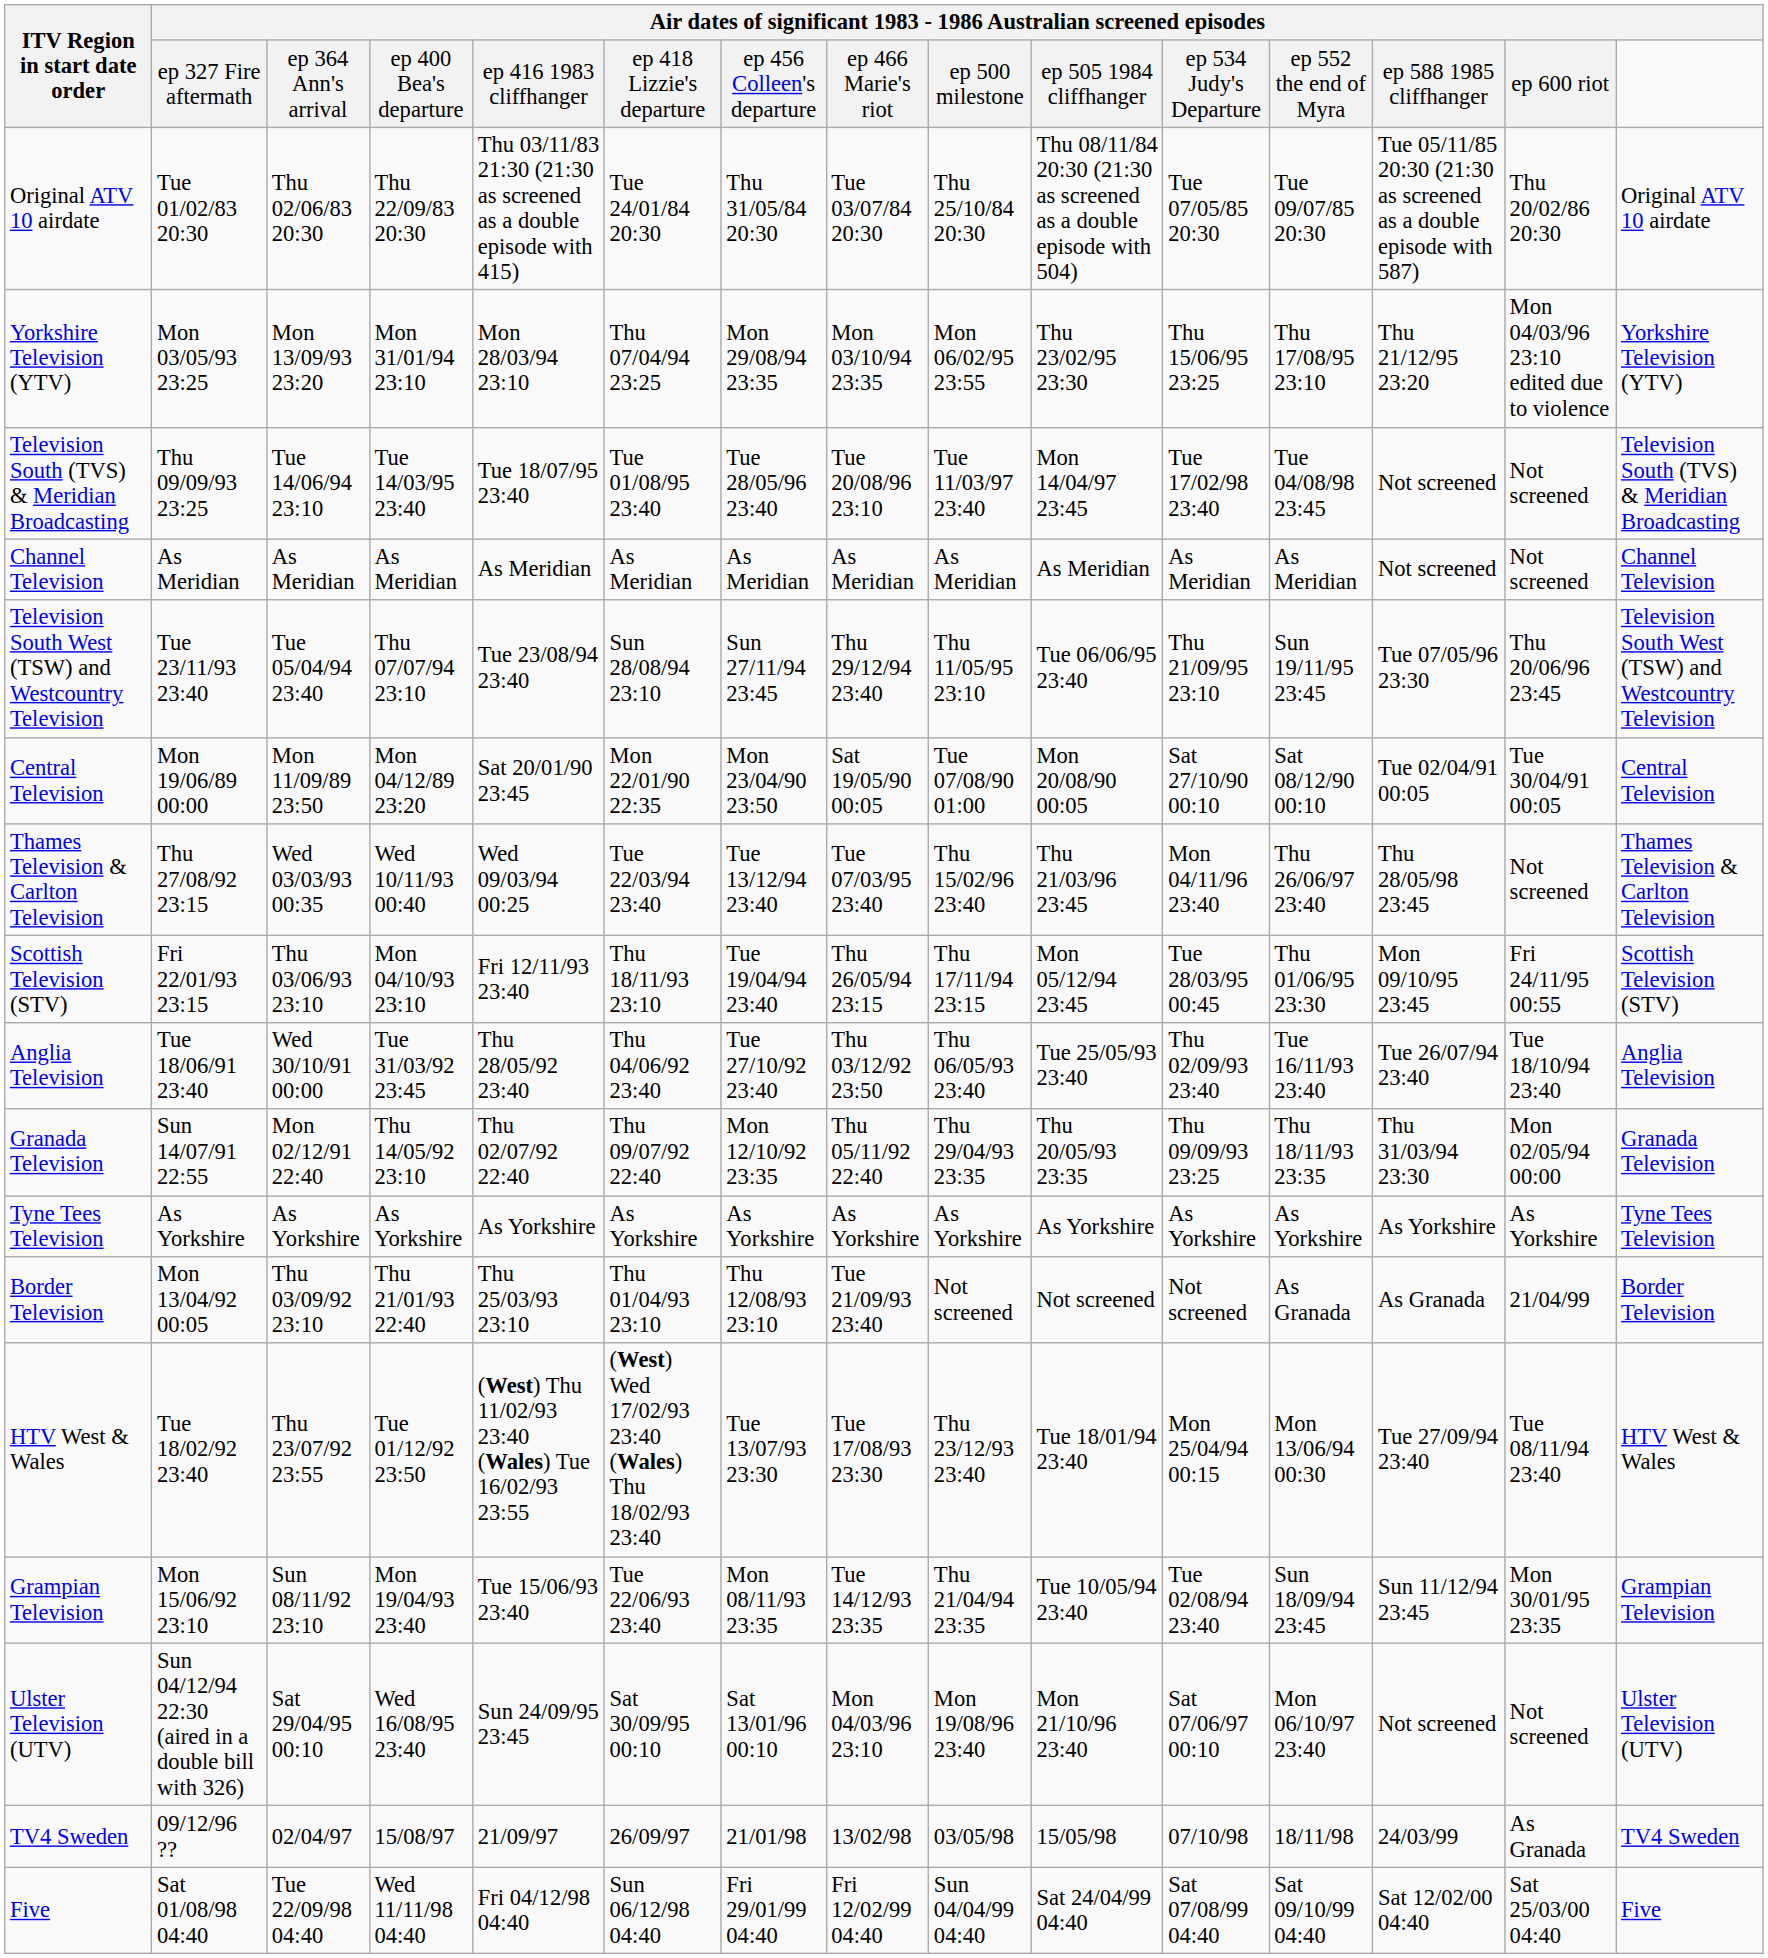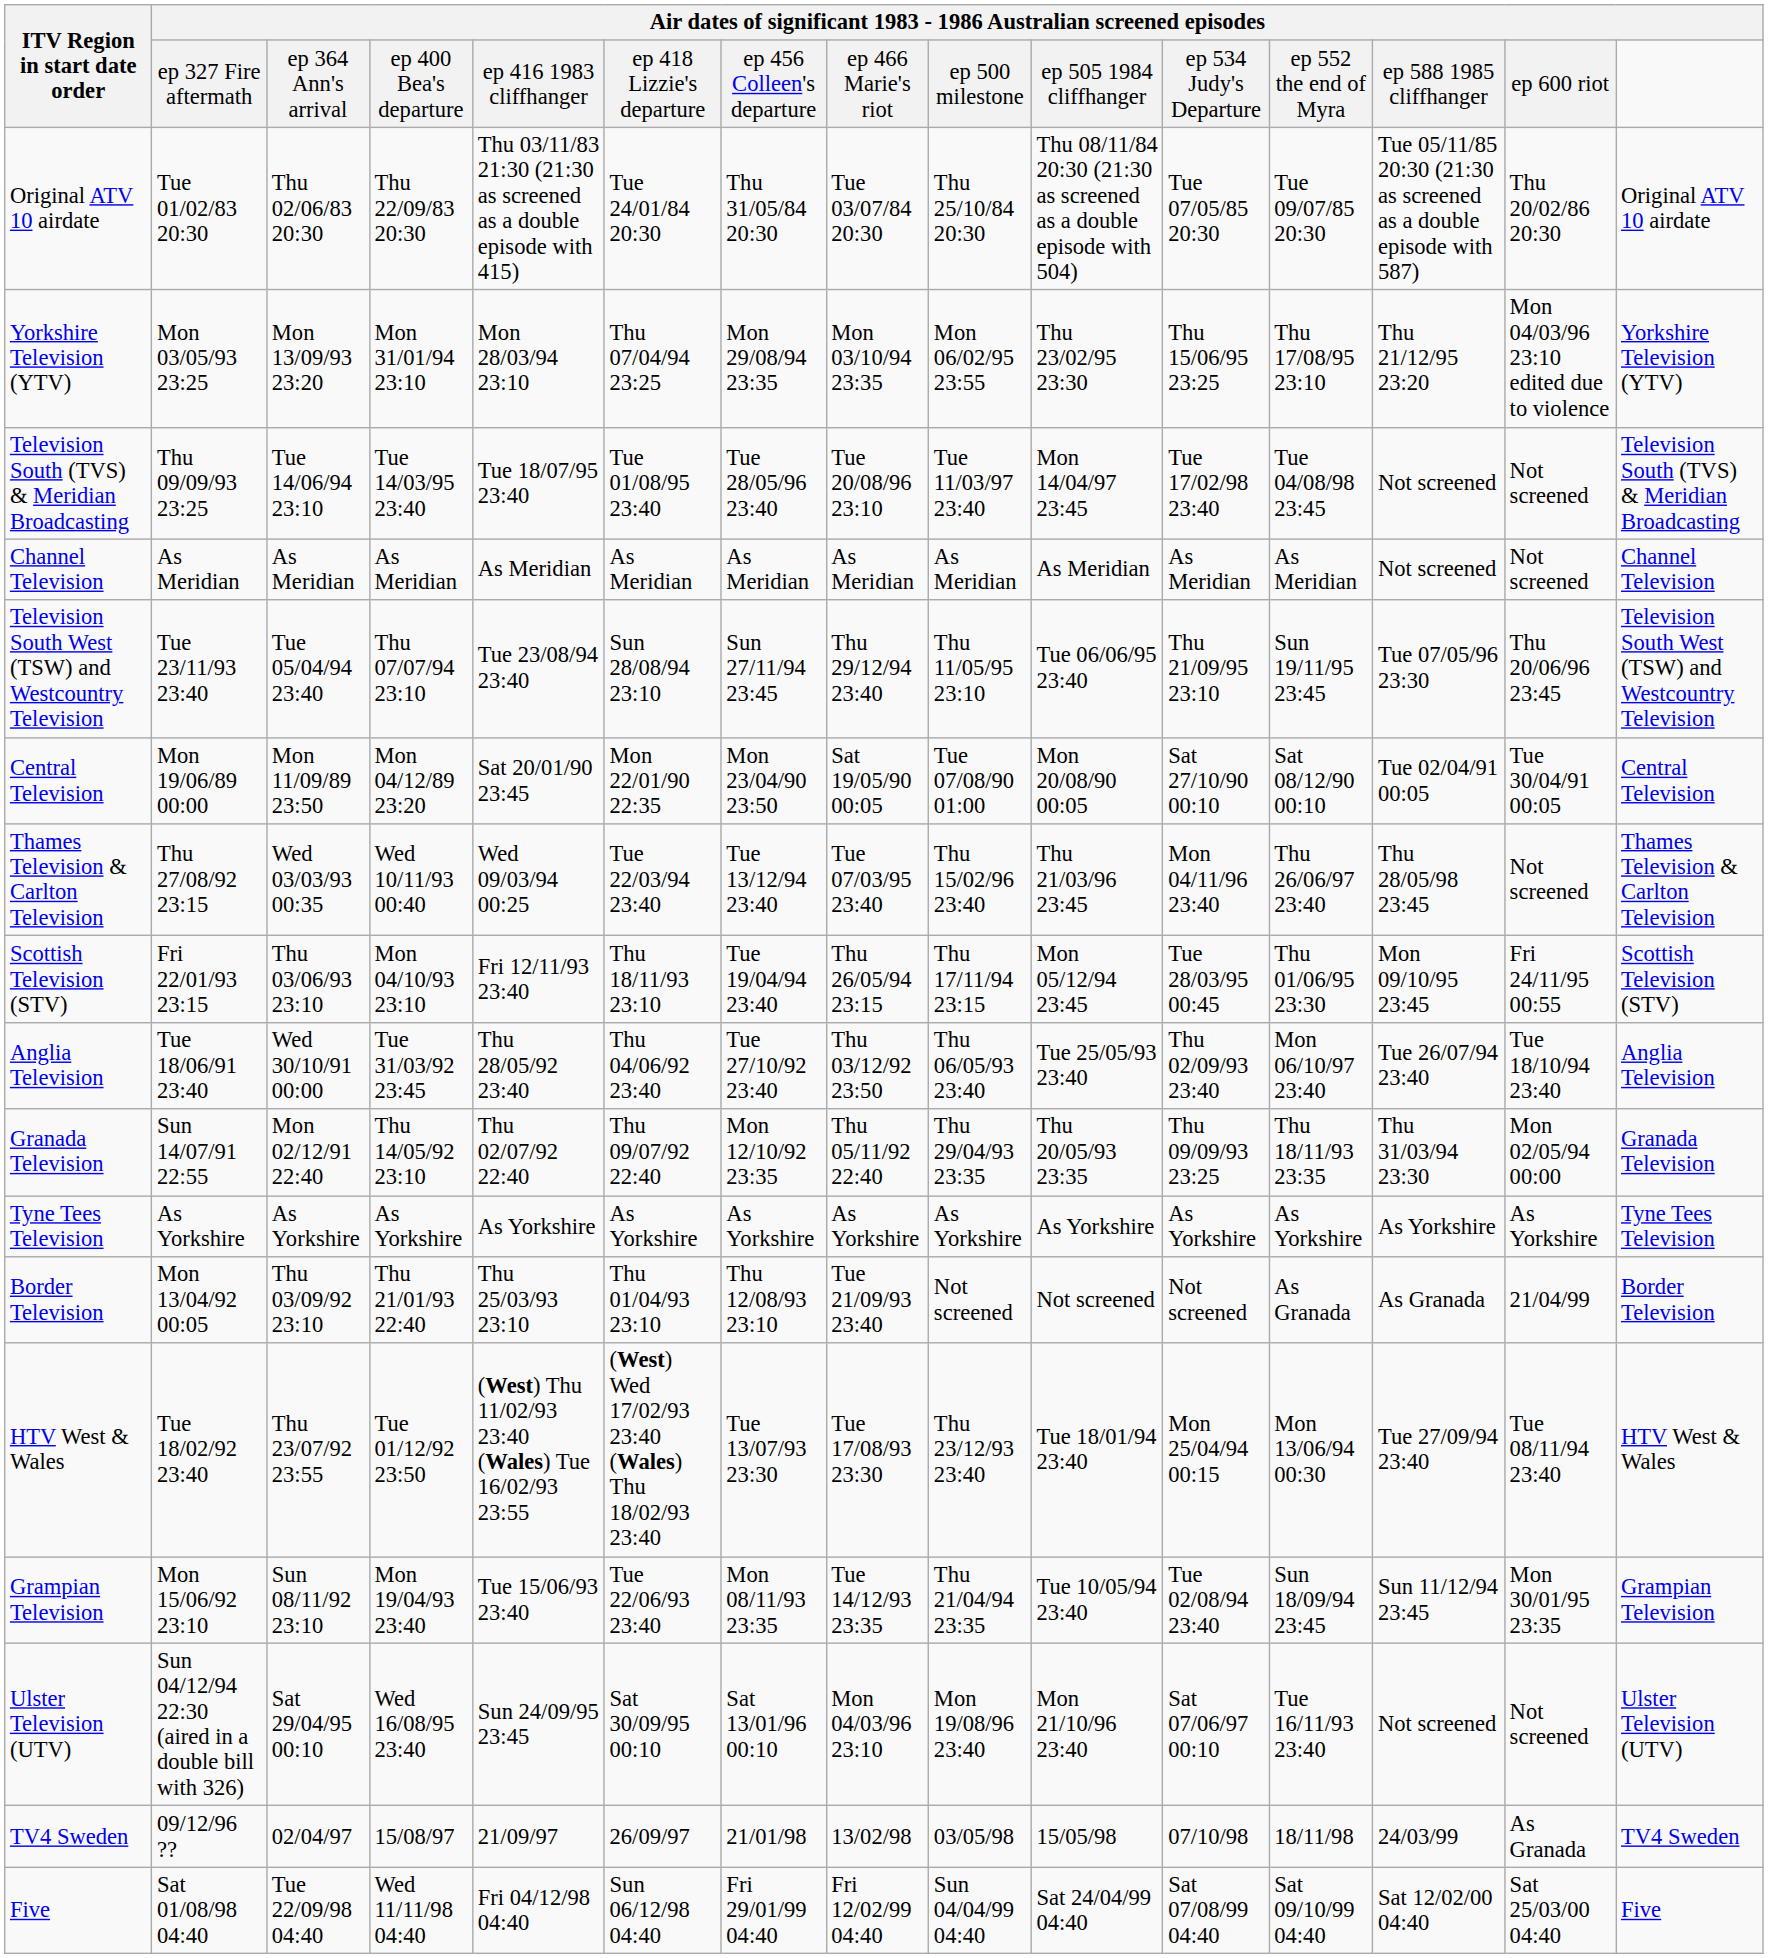 <table class="wikitable">
 <tr>
 <td rowspan="2" bgcolor="#f2f2f2" style="text-align:center;"><strong>ITV Region in start date order</strong></td>
 <td colspan="15" bgcolor="#f2f2f2" style="text-align:center;"><strong>Air dates of significant 1983 - 1986 Australian screened episodes</strong></td>
 </tr>
 <tr>
 <td bgcolor="#f2f2f2" style="text-align:center;">ep 327 Fire aftermath</td>
 <td bgcolor="#f2f2f2" style="text-align:center;">ep 364 Ann's arrival</td>
 <td bgcolor="#f2f2f2" style="text-align:center;">ep 400 Bea's departure</td>
 <td bgcolor="#f2f2f2" style="text-align:center;">ep 416 1983 cliffhanger</td>
 <td bgcolor="#f2f2f2" style="text-align:center;">ep 418 Lizzie's departure</td>
 <td bgcolor="#f2f2f2" style="text-align:center;">ep 456 <a href='#'>Colleen</a>'s departure</td>
 <td bgcolor="#f2f2f2" style="text-align:center;">ep 466 Marie's riot</td>
 <td bgcolor="#f2f2f2" style="text-align:center;">ep 500 milestone</td>
 <td bgcolor="#f2f2f2" style="text-align:center;">ep 505 1984 cliffhanger</td>
 <td bgcolor="#f2f2f2" style="text-align:center;">ep 534 Judy's Departure</td>
 <td bgcolor="#f2f2f2" style="text-align:center;">ep 552 the end of Myra</td>
 <td bgcolor="#f2f2f2" style="text-align:center;">ep 588 1985 cliffhanger</td>
 <td bgcolor="#f2f2f2" style="text-align:center;">ep 600 riot</td>
 </tr>
 <tr>
 <td>Original <a href='#'>ATV 10</a> airdate</td>
 <td>Tue 01/02/83 20:30</td>
 <td>Thu 02/06/83 20:30</td>
 <td>Thu 22/09/83 20:30</td>
 <td>Thu 03/11/83 21:30 (21:30 as screened as a double episode with 415)</td>
 <td>Tue 24/01/84 20:30</td>
 <td>Thu 31/05/84 20:30</td>
 <td>Tue 03/07/84 20:30</td>
 <td>Thu 25/10/84 20:30</td>
 <td>Thu 08/11/84 20:30 (21:30 as screened as a double episode with 504)</td>
 <td>Tue 07/05/85 20:30</td>
 <td>Tue 09/07/85 20:30</td>
 <td>Tue 05/11/85 20:30 (21:30 as screened as a double episode with 587)</td>
 <td>Thu 20/02/86 20:30</td>
 <td>Original <a href='#'>ATV 10</a> airdate</td>
 </tr>
 <tr>
 <td><a href='#'>Yorkshire Television</a> (YTV)</td>
 <td>Mon 03/05/93 23:25</td>
 <td>Mon 13/09/93 23:20</td>
 <td>Mon 31/01/94 23:10</td>
 <td>Mon 28/03/94 23:10</td>
 <td>Thu 07/04/94 23:25</td>
 <td>Mon 29/08/94 23:35</td>
 <td>Mon 03/10/94 23:35</td>
 <td>Mon 06/02/95 23:55</td>
 <td>Thu 23/02/95 23:30</td>
 <td>Thu 15/06/95 23:25</td>
 <td>Thu 17/08/95 23:10</td>
 <td>Thu 21/12/95 23:20</td>
 <td>Mon 04/03/96 23:10 edited due to violence</td>
 <td><a href='#'>Yorkshire Television</a> (YTV)</td>
 </tr>
 <tr>
 <td><a href='#'>Television South</a> (TVS) & <a href='#'>Meridian Broadcasting</a></td>
 <td>Thu 09/09/93 23:25</td>
 <td>Tue 14/06/94 23:10</td>
 <td>Tue 14/03/95 23:40</td>
 <td>Tue 18/07/95 23:40</td>
 <td>Tue 01/08/95 23:40</td>
 <td>Tue 28/05/96 23:40</td>
 <td>Tue 20/08/96 23:10</td>
 <td>Tue 11/03/97 23:40</td>
 <td>Mon 14/04/97 23:45</td>
 <td>Tue 17/02/98 23:40</td>
 <td>Tue 04/08/98 23:45</td>
 <td>Not screened</td>
 <td>Not screened</td>
 <td><a href='#'>Television South</a> (TVS) & <a href='#'>Meridian Broadcasting</a></td>
 </tr>
 <tr>
 <td><a href='#'>Channel Television</a></td>
 <td>As Meridian</td>
 <td>As Meridian</td>
 <td>As Meridian</td>
 <td>As Meridian</td>
 <td>As Meridian</td>
 <td>As Meridian</td>
 <td>As Meridian</td>
 <td>As Meridian</td>
 <td>As Meridian</td>
 <td>As Meridian</td>
 <td>As Meridian</td>
 <td>Not screened</td>
 <td>Not screened</td>
 <td><a href='#'>Channel Television</a></td>
 </tr>
 <tr>
 <td><a href='#'>Television South West</a> (TSW) and <a href='#'>Westcountry Television</a></td>
 <td>Tue 23/11/93 23:40</td>
 <td>Tue 05/04/94 23:40</td>
 <td>Thu 07/07/94 23:10</td>
 <td>Tue 23/08/94 23:40</td>
 <td>Sun 28/08/94 23:10</td>
 <td>Sun 27/11/94 23:45</td>
 <td>Thu 29/12/94 23:40</td>
 <td>Thu 11/05/95 23:10</td>
 <td>Tue 06/06/95 23:40</td>
 <td>Thu 21/09/95 23:10</td>
 <td>Sun 19/11/95 23:45</td>
 <td>Tue 07/05/96 23:30</td>
 <td>Thu 20/06/96 23:45</td>
 <td><a href='#'>Television South West</a> (TSW) and <a href='#'>Westcountry Television</a></td>
 </tr>
 <tr>
 <td><a href='#'>Central Television</a></td>
 <td>Mon 19/06/89 00:00</td>
 <td>Mon 11/09/89 23:50</td>
 <td>Mon 04/12/89 23:20</td>
 <td>Sat 20/01/90 23:45</td>
 <td>Mon 22/01/90 22:35</td>
 <td>Mon 23/04/90 23:50</td>
 <td>Sat 19/05/90 00:05</td>
 <td>Tue 07/08/90 01:00</td>
 <td>Mon 20/08/90 00:05</td>
 <td>Sat 27/10/90 00:10</td>
 <td>Sat 08/12/90 00:10</td>
 <td>Tue 02/04/91 00:05</td>
 <td>Tue 30/04/91 00:05</td>
 <td><a href='#'>Central Television</a></td>
 </tr>
 <tr>
 <td><a href='#'>Thames Television</a> & <a href='#'>Carlton Television</a></td>
 <td>Thu 27/08/92 23:15</td>
 <td>Wed 03/03/93 00:35</td>
 <td>Wed 10/11/93 00:40</td>
 <td>Wed 09/03/94 00:25</td>
 <td>Tue 22/03/94 23:40</td>
 <td>Tue 13/12/94 23:40</td>
 <td>Tue 07/03/95 23:40</td>
 <td>Thu 15/02/96 23:40</td>
 <td>Thu 21/03/96 23:45</td>
 <td>Mon 04/11/96 23:40</td>
 <td>Thu 26/06/97 23:40</td>
 <td>Thu 28/05/98 23:45</td>
 <td>Not screened</td>
 <td><a href='#'>Thames Television</a> & <a href='#'>Carlton Television</a></td>
 </tr>
 <tr>
 <td><a href='#'>Scottish Television</a> (STV)</td>
 <td>Fri 22/01/93 23:15</td>
 <td>Thu 03/06/93 23:10</td>
 <td>Mon 04/10/93 23:10</td>
 <td>Fri 12/11/93 23:40</td>
 <td>Thu 18/11/93 23:10</td>
 <td>Tue 19/04/94 23:40</td>
 <td>Thu 26/05/94 23:15</td>
 <td>Thu 17/11/94 23:15</td>
 <td>Mon 05/12/94 23:45</td>
 <td>Tue 28/03/95 00:45</td>
 <td>Thu 01/06/95 23:30</td>
 <td>Mon 09/10/95 23:45</td>
 <td>Fri 24/11/95 00:55</td>
 <td><a href='#'>Scottish Television</a> (STV)</td>
 </tr>
 <tr ->
 <td><a href='#'>Anglia Television</a></td>
 <td>Tue 18/06/91 23:40</td>
 <td>Wed 30/10/91 00:00</td>
 <td>Tue 31/03/92 23:45</td>
 <td>Thu 28/05/92 23:40</td>
 <td>Thu 04/06/92 23:40</td>
 <td>Tue 27/10/92 23:40</td>
 <td>Thu 03/12/92 23:50</td>
 <td>Thu 06/05/93 23:40</td>
 <td>Tue 25/05/93 23:40</td>
 <td>Thu 02/09/93 23:40</td>
-<td>Tue 16/11/93 23:40</td>
+<td>Mon 06/10/97 23:40</td>
 <td>Tue 26/07/94 23:40</td>
 <td>Tue 18/10/94 23:40</td>
 <td><a href='#'>Anglia Television</a></td>
 </tr>
 <tr>
 <td><a href='#'>Granada Television</a></td>
 <td>Sun 14/07/91 22:55</td>
 <td>Mon 02/12/91 22:40</td>
 <td>Thu 14/05/92 23:10</td>
 <td>Thu 02/07/92 22:40</td>
 <td>Thu 09/07/92 22:40</td>
 <td>Mon 12/10/92 23:35</td>
 <td>Thu 05/11/92 22:40</td>
 <td>Thu 29/04/93 23:35</td>
 <td>Thu 20/05/93 23:35</td>
 <td>Thu 09/09/93 23:25</td>
 <td>Thu 18/11/93 23:35</td>
 <td>Thu 31/03/94 23:30</td>
 <td>Mon 02/05/94 00:00</td>
 <td><a href='#'>Granada Television</a></td>
 </tr>
 <tr>
 <td><a href='#'>Tyne Tees Television</a></td>
 <td>As Yorkshire</td>
 <td>As Yorkshire</td>
 <td>As Yorkshire</td>
 <td>As Yorkshire</td>
 <td>As Yorkshire</td>
 <td>As Yorkshire</td>
 <td>As Yorkshire</td>
 <td>As Yorkshire</td>
 <td>As Yorkshire</td>
 <td>As Yorkshire</td>
 <td>As Yorkshire</td>
 <td>As Yorkshire</td>
 <td>As Yorkshire</td>
 <td><a href='#'>Tyne Tees Television</a></td>
 </tr>
 <tr>
 <td><a href='#'>Border Television</a></td>
 <td>Mon 13/04/92 00:05</td>
 <td>Thu 03/09/92 23:10</td>
 <td>Thu 21/01/93 22:40</td>
 <td>Thu 25/03/93 23:10</td>
 <td>Thu 01/04/93 23:10</td>
 <td>Thu 12/08/93 23:10</td>
 <td>Tue 21/09/93 23:40</td>
 <td>Not screened</td>
 <td>Not screened</td>
 <td>Not screened</td>
 <td>As Granada</td>
 <td>As Granada</td>
 <td>21/04/99</td>
 <td><a href='#'>Border Television</a></td>
 </tr>
 <tr>
 <td><a href='#'>HTV</a> West & Wales</td>
 <td>Tue 18/02/92 23:40</td>
 <td>Thu 23/07/92 23:55</td>
 <td>Tue 01/12/92 23:50</td>
 <td>(<strong>West</strong>) Thu 11/02/93 23:40 (<strong>Wales</strong>) Tue 16/02/93 23:55</td>
 <td>(<strong>West</strong>) Wed 17/02/93 23:40 (<strong>Wales</strong>) Thu 18/02/93 23:40</td>
 <td>Tue 13/07/93 23:30</td>
 <td>Tue 17/08/93 23:30</td>
 <td>Thu 23/12/93 23:40</td>
 <td>Tue 18/01/94 23:40</td>
 <td>Mon 25/04/94 00:15</td>
 <td>Mon 13/06/94 00:30</td>
 <td>Tue 27/09/94 23:40</td>
 <td>Tue 08/11/94 23:40</td>
 <td><a href='#'>HTV</a> West & Wales</td>
 </tr>
 <tr>
 <td><a href='#'>Grampian Television</a></td>
 <td>Mon 15/06/92 23:10</td>
 <td>Sun 08/11/92 23:10</td>
 <td>Mon 19/04/93 23:40</td>
 <td>Tue 15/06/93 23:40</td>
 <td>Tue 22/06/93 23:40</td>
 <td>Mon 08/11/93 23:35</td>
 <td>Tue 14/12/93 23:35</td>
 <td>Thu 21/04/94 23:35</td>
 <td>Tue 10/05/94 23:40</td>
 <td>Tue 02/08/94 23:40</td>
 <td>Sun 18/09/94 23:45</td>
 <td>Sun 11/12/94 23:45</td>
 <td>Mon 30/01/95 23:35</td>
 <td><a href='#'>Grampian Television</a></td>
 </tr>
 <tr>
 <td><a href='#'>Ulster Television</a> (UTV)</td>
 <td>Sun 04/12/94 22:30 (aired in a double bill with 326)</td>
 <td>Sat 29/04/95 00:10</td>
 <td>Wed 16/08/95 23:40</td>
 <td>Sun 24/09/95 23:45</td>
 <td>Sat 30/09/95 00:10</td>
 <td>Sat 13/01/96 00:10</td>
 <td>Mon 04/03/96 23:10</td>
 <td>Mon 19/08/96 23:40</td>
 <td>Mon 21/10/96 23:40</td>
 <td>Sat 07/06/97 00:10</td>
-<td>Mon 06/10/97 23:40</td>
+<td>Tue 16/11/93 23:40</td>
 <td>Not screened</td>
 <td>Not screened</td>
 <td><a href='#'>Ulster Television</a> (UTV)</td>
 </tr>
 <tr>
 <td><a href='#'>TV4 Sweden</a></td>
 <td>09/12/96 ??</td>
 <td>02/04/97</td>
 <td>15/08/97</td>
 <td>21/09/97</td>
 <td>26/09/97</td>
 <td>21/01/98</td>
 <td>13/02/98</td>
 <td>03/05/98</td>
 <td>15/05/98</td>
 <td>07/10/98</td>
 <td>18/11/98</td>
 <td>24/03/99</td>
 <td>As Granada</td>
 <td><a href='#'>TV4 Sweden</a></td>
 </tr>
 <tr>
 <td><a href='#'>Five</a></td>
 <td>Sat 01/08/98 04:40</td>
 <td>Tue 22/09/98 04:40</td>
 <td>Wed 11/11/98 04:40</td>
 <td>Fri 04/12/98 04:40</td>
 <td>Sun 06/12/98 04:40</td>
 <td>Fri 29/01/99 04:40</td>
 <td>Fri 12/02/99 04:40</td>
 <td>Sun 04/04/99 04:40</td>
 <td>Sat 24/04/99 04:40</td>
 <td>Sat 07/08/99 04:40</td>
 <td>Sat 09/10/99 04:40</td>
 <td>Sat 12/02/00 04:40</td>
 <td>Sat 25/03/00 04:40</td>
 <td><a href='#'>Five</a></td>
 </tr>
 </table>
